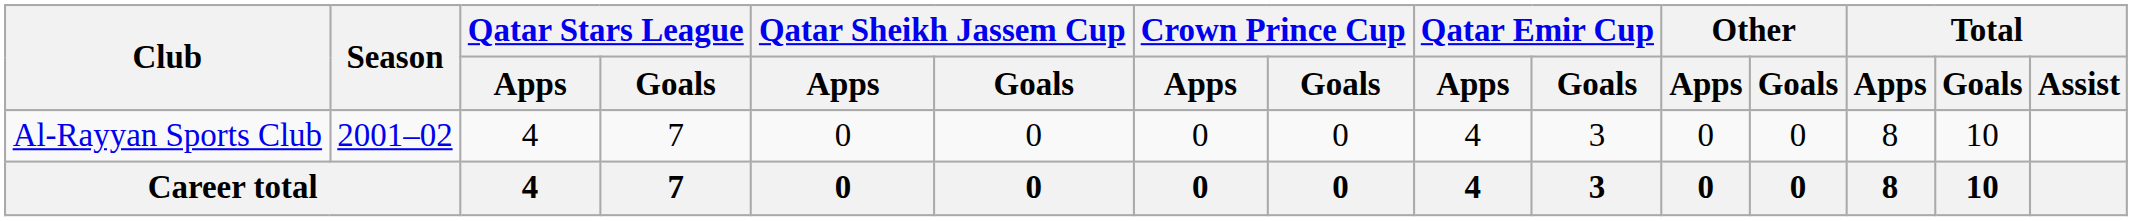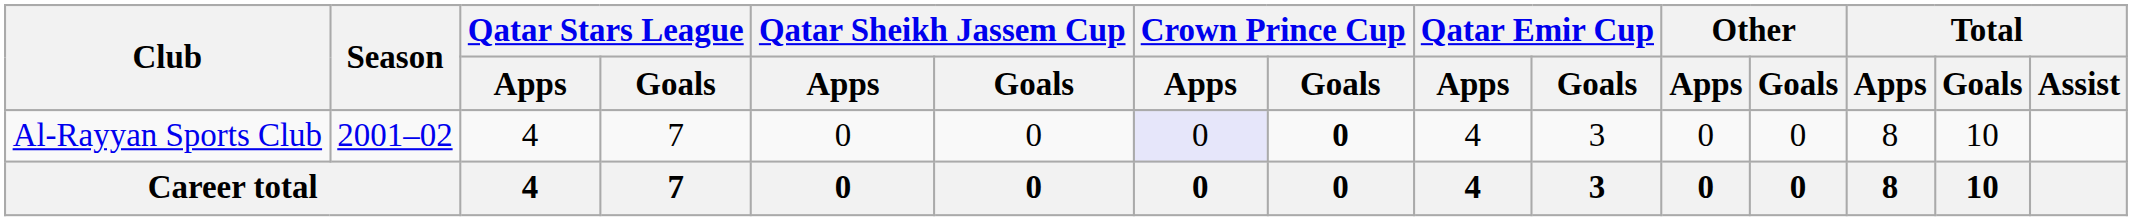 <table class="wikitable" style="text-align: center">
 <tr>
 <th rowspan="2">Club</th>
 <th rowspan="2">Season</th>
 <th colspan="2"><a href='#'>Qatar Stars League</a></th>
 <th colspan="2"><a href='#'>Qatar Sheikh Jassem Cup</a></th>
 <th colspan="2"><a href='#'>Crown Prince Cup</a></th>
 <th colspan="2"><a href='#'>Qatar Emir Cup</a></th>
 <th colspan="2">Other</th>
 <th colspan="3">Total</th>
 </tr>
 <tr>
 <th>Apps</th>
 <th>Goals</th>
 <th>Apps</th>
 <th>Goals</th>
 <th>Apps</th>
 <th>Goals</th>
 <th>Apps</th>
 <th>Goals</th>
 <th>Apps</th>
 <th>Goals</th>
 <th>Apps</th>
 <th>Goals</th>
 <th>Assist</th>
 </tr>
 <tr>
 <td rowspan="1"><a href='#'>Al-Rayyan Sports Club</a></td>
 <td><a href='#'>2001–02</a></td>
 <td>4</td>
 <td>7</td>
 <td>0</td>
 <td>0</td>
-<td>0</td>
-<td>0</td>
+<td style="background: lavender;">0</td>
+<td><strong>0</strong></td>
 <td>4</td>
 <td>3</td>
 <td>0</td>
 <td>0</td>
 <td>8</td>
 <td>10</td>
 <td></td>
 </tr>
 <tr>
 <th colspan="2">Career total</th>
 <th>4</th>
 <th>7</th>
 <th>0</th>
 <th>0</th>
 <th>0</th>
 <th>0</th>
 <th>4</th>
 <th>3</th>
 <th>0</th>
 <th>0</th>
 <th>8</th>
 <th>10</th>
 <th></th>
 </tr>
 </table>
